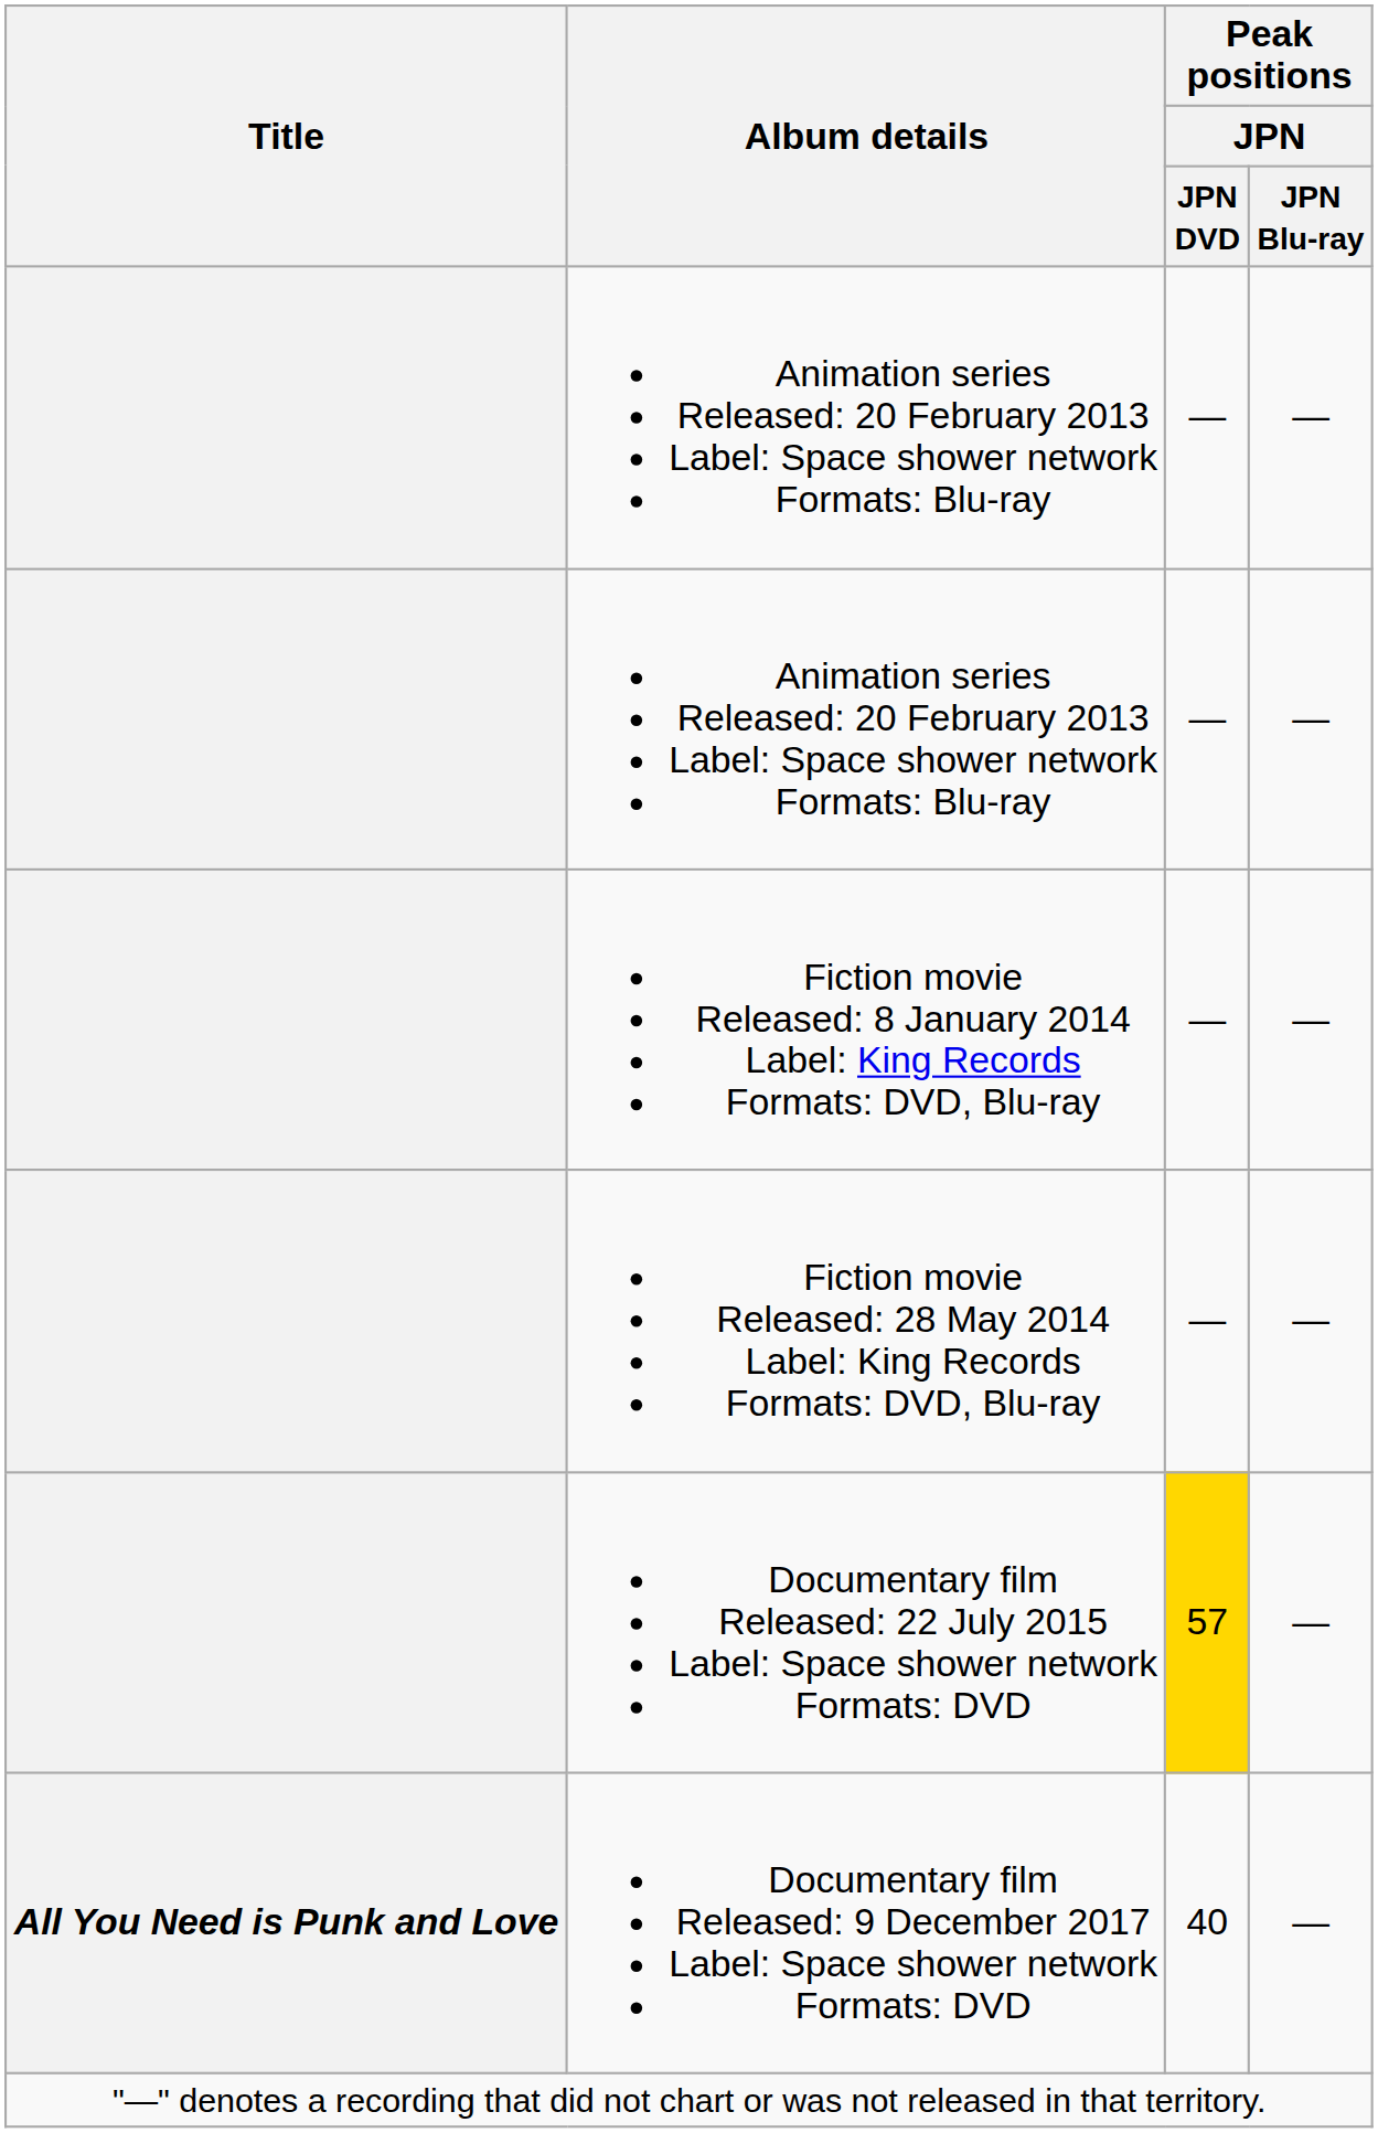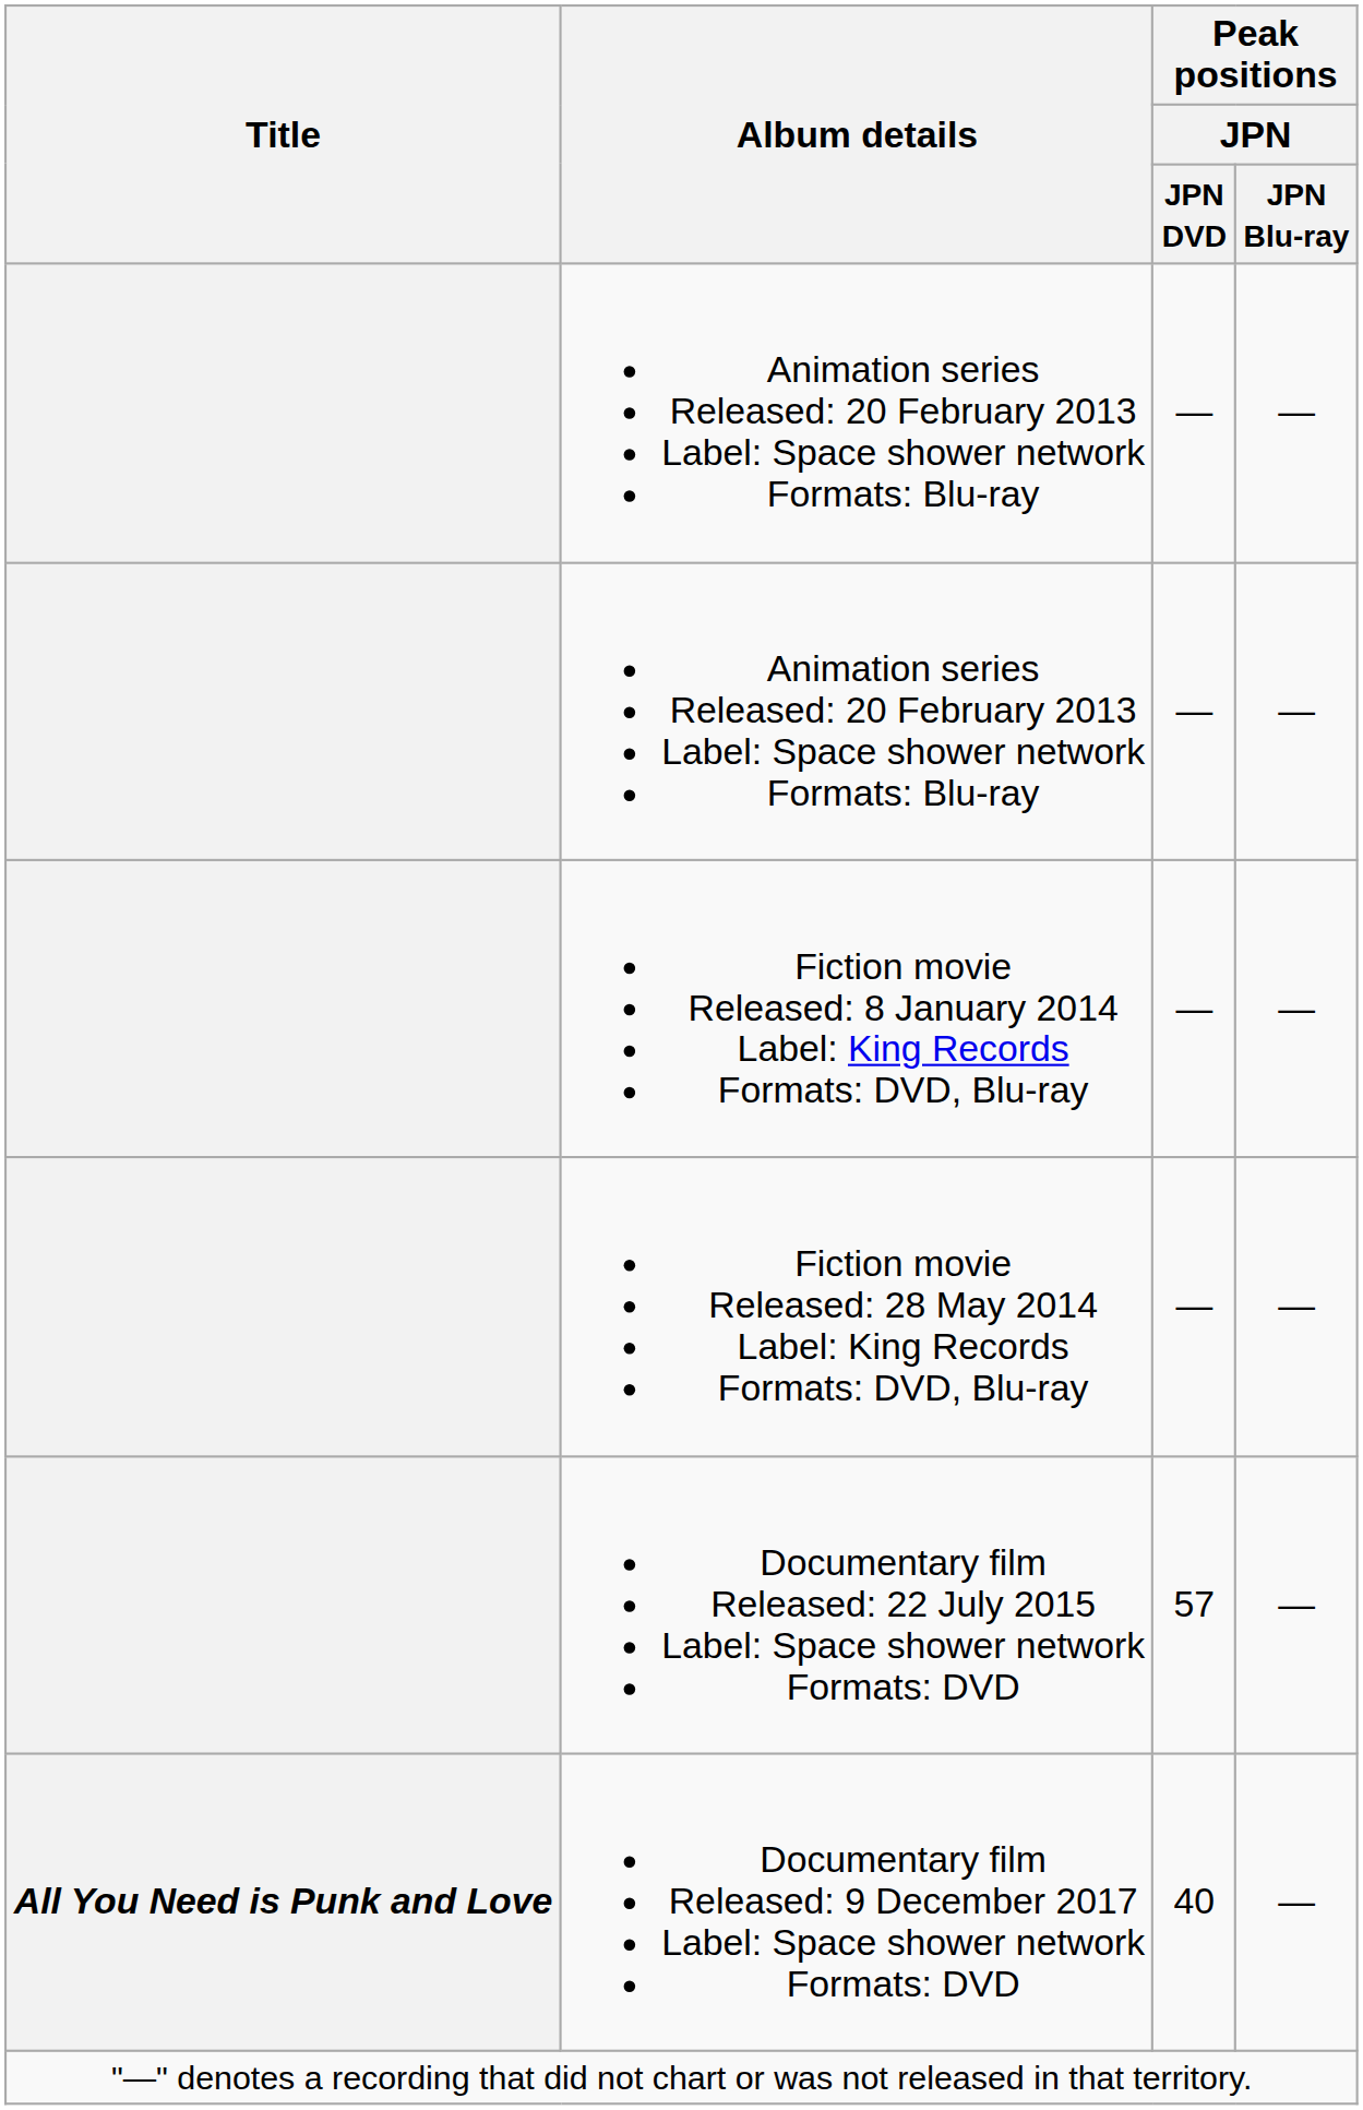 <table class="wikitable plainrowheaders" style="text-align:center;">
 <tr>
 <th scope="col" rowspan="3">Title</th>
 <th scope="col" rowspan="3">Album details</th>
 <th scope="col" colspan="2">Peak <br> positions</th>
 </tr>
 <tr>
 <th colspan="2">JPN</th>
 </tr>
 <tr>
 <th scope="col"><small>JPN<br>DVD</small><br></th>
 <th scope="col"><small>JPN<br>Blu-ray</small><br></th>
 </tr>
 <tr>
 <th scope="row"><em></em></th>
 <td><br><ul><li>Animation series</li><li>Released: 20 February 2013</li><li>Label: Space shower network</li><li>Formats: Blu-ray</li></ul></td>
 <td>—</td>
 <td>—</td>
 </tr>
 <tr>
 <th scope="row"><em></em></th>
 <td><br><ul><li>Animation series</li><li>Released: 20 February 2013</li><li>Label: Space shower network</li><li>Formats: Blu-ray</li></ul></td>
 <td>—</td>
 <td>—</td>
 </tr>
 <tr>
 <th scope="row"><em></em></th>
 <td><br><ul><li>Fiction movie</li><li>Released: 8 January 2014</li><li>Label: <a href='#'>King Records</a></li><li>Formats: DVD, Blu-ray</li></ul></td>
 <td>—</td>
 <td>—</td>
 </tr>
 <tr>
 <th scope="row"><em></em></th>
 <td><br><ul><li>Fiction movie</li><li>Released: 28 May 2014</li><li>Label: King Records</li><li>Formats: DVD, Blu-ray</li></ul></td>
 <td>—</td>
 <td>—</td>
 </tr>
 <tr>
 <th scope="row"><em></em></th>
 <td><br><ul><li>Documentary film</li><li>Released: 22 July 2015</li><li>Label: Space shower network</li><li>Formats: DVD</li></ul></td>
-<td style="background: gold;">57</td>
+<td>57</td>
 <td>—</td>
 </tr>
 <tr>
 <th scope="row"><em>All You Need is Punk and Love</em></th>
 <td><br><ul><li>Documentary film</li><li>Released: 9 December 2017</li><li>Label: Space shower network</li><li>Formats: DVD</li></ul></td>
 <td>40</td>
 <td>—</td>
 </tr>
 <tr>
 <td align="center" colspan="4" style="font-size:90%">"—" denotes a recording that did not chart or was not released in that territory.</td>
 </tr>
 </table>
